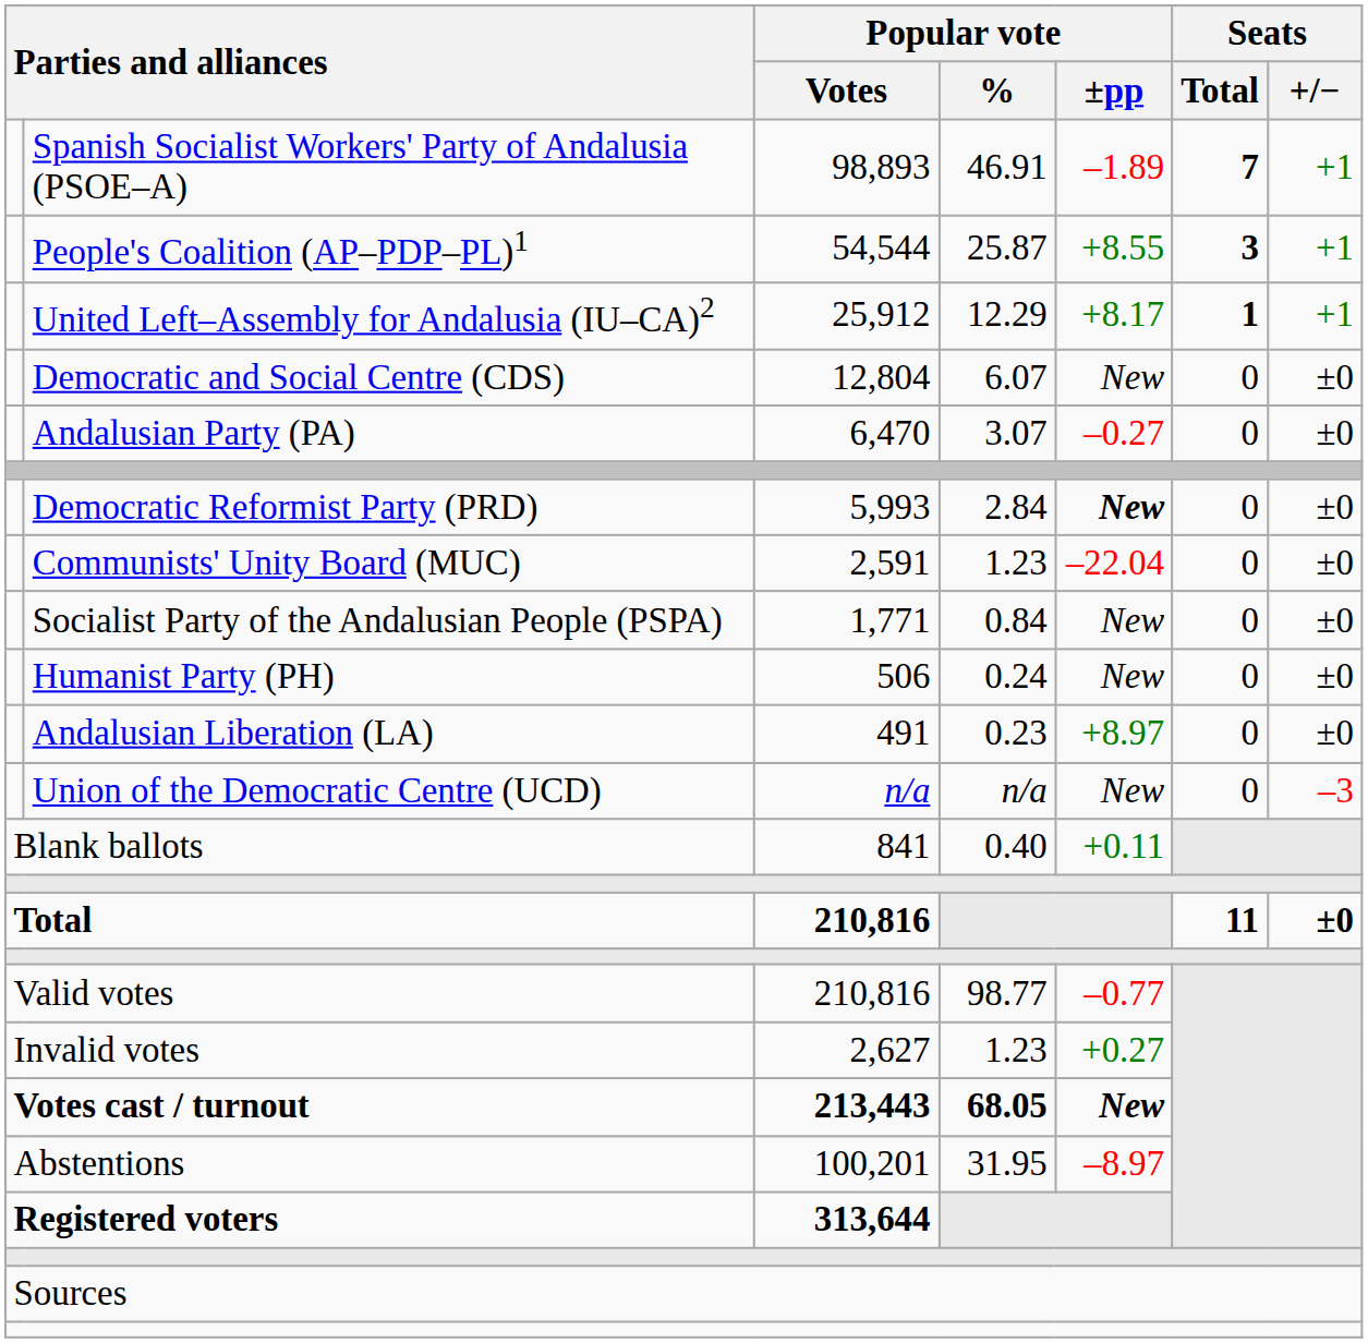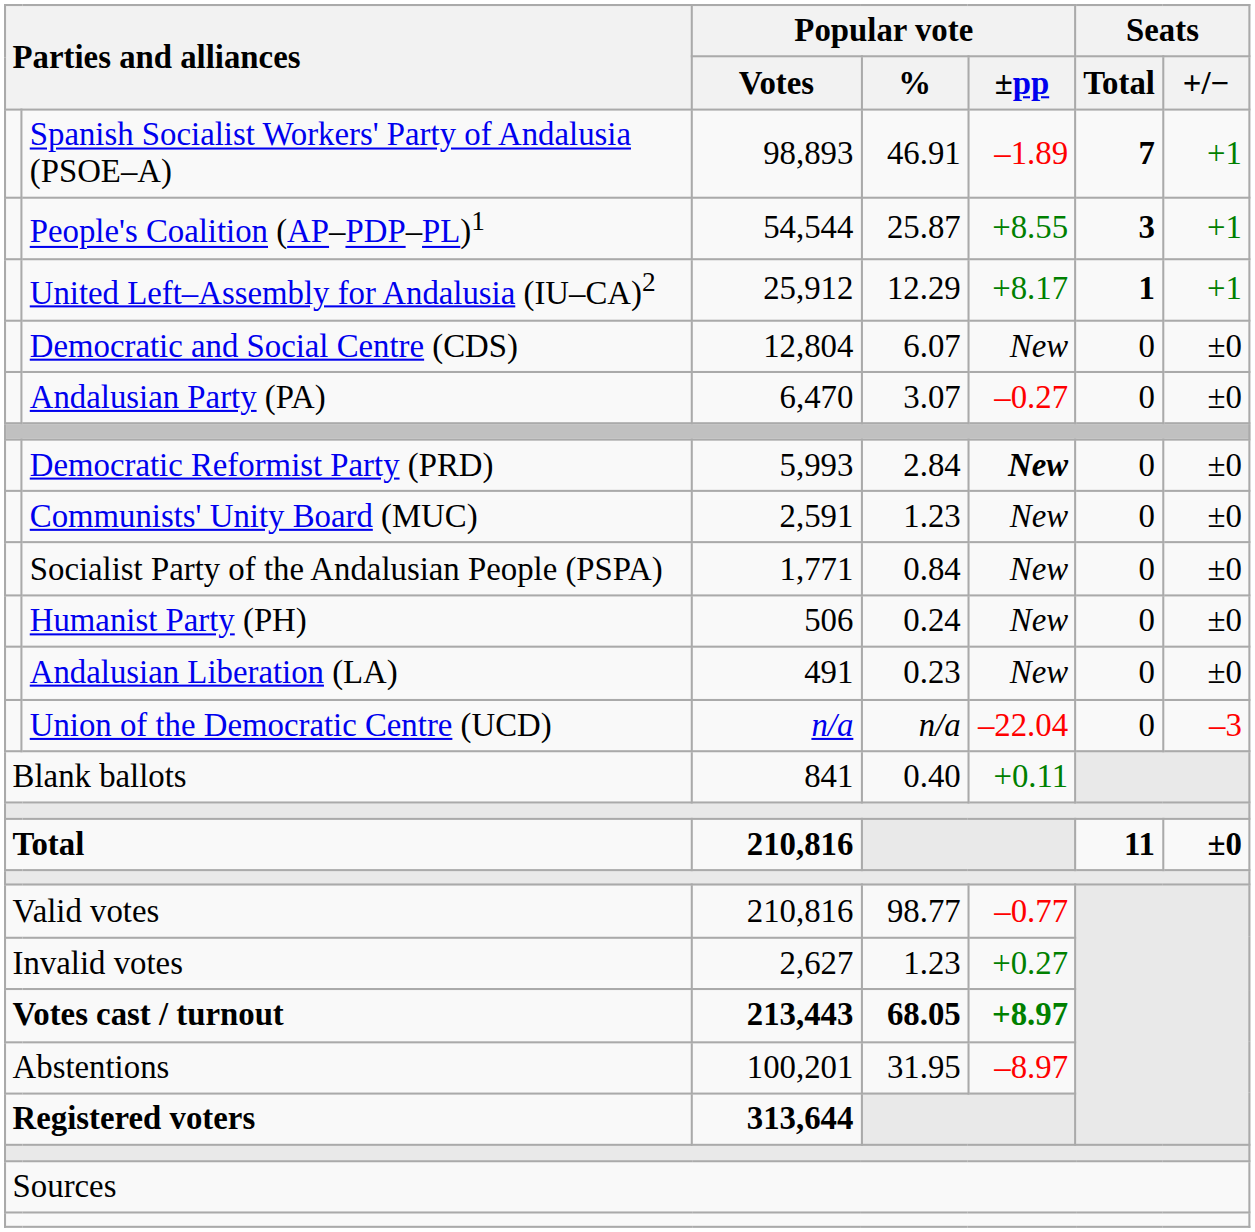 <table class="wikitable" style="text-align:right;">
 <tr>
 <th style="text-align:left;" rowspan="2" colspan="2" width="525">Parties and alliances</th>
 <th colspan="3">Popular vote</th>
 <th colspan="2">Seats</th>
 </tr>
 <tr>
 <th width="75">Votes</th>
 <th width="45">%</th>
 <th width="45">±<a href='#'>pp</a></th>
 <th width="35">Total</th>
 <th width="35">+/−</th>
 </tr>
 <tr>
 <td width="1" style="color:inherit;background:"></td>
 <td align="left"><a href='#'>Spanish Socialist Workers' Party of Andalusia</a> (PSOE–A)</td>
 <td>98,893</td>
 <td>46.91</td>
 <td style="color:red;">–1.89</td>
 <td><strong>7</strong></td>
 <td style="color:green;">+1</td>
 </tr>
 <tr>
 <td style="color:inherit;background:"></td>
 <td align="left"><a href='#'>People's Coalition</a> (<a href='#'>AP</a>–<a href='#'>PDP</a>–<a href='#'>PL</a>)<sup>1</sup></td>
 <td>54,544</td>
 <td>25.87</td>
 <td style="color:green;">+8.55</td>
 <td><strong>3</strong></td>
 <td style="color:green;">+1</td>
 </tr>
 <tr>
 <td style="color:inherit;background:"></td>
 <td align="left"><a href='#'>United Left–Assembly for Andalusia</a> (IU–CA)<sup>2</sup></td>
 <td>25,912</td>
 <td>12.29</td>
 <td style="color:green;">+8.17</td>
 <td><strong>1</strong></td>
 <td style="color:green;">+1</td>
 </tr>
 <tr>
 <td style="color:inherit;background:"></td>
 <td align="left"><a href='#'>Democratic and Social Centre</a> (CDS)</td>
 <td>12,804</td>
 <td>6.07</td>
 <td><em>New</em></td>
 <td>0</td>
 <td>±0</td>
 </tr>
 <tr>
 <td style="color:inherit;background:"></td>
 <td align="left"><a href='#'>Andalusian Party</a> (PA)</td>
 <td>6,470</td>
 <td>3.07</td>
 <td style="color:red;">–0.27</td>
 <td>0</td>
 <td>±0</td>
 </tr>
 <tr>
 <td colspan="7" bgcolor="#C0C0C0"></td>
 </tr>
 <tr>
 <td style="color:inherit;background:"></td>
 <td align="left"><a href='#'>Democratic Reformist Party</a> (PRD)</td>
 <td>5,993</td>
 <td>2.84</td>
 <td><strong><em>New</em></strong></td>
 <td>0</td>
 <td>±0</td>
 </tr>
 <tr>
 <td style="color:inherit;background:"></td>
 <td align="left"><a href='#'>Communists' Unity Board</a> (MUC)</td>
 <td>2,591</td>
 <td>1.23</td>
-<td style="color:red;">–22.04</td>
+<td><em>New</em></td>
 <td>0</td>
 <td>±0</td>
 </tr>
 <tr>
 <td style="color:inherit;background:"></td>
 <td align="left">Socialist Party of the Andalusian People (PSPA)</td>
 <td>1,771</td>
 <td>0.84</td>
 <td><em>New</em></td>
 <td>0</td>
 <td>±0</td>
 </tr>
 <tr>
 <td style="color:inherit;background:"></td>
 <td align="left"><a href='#'>Humanist Party</a> (PH)</td>
 <td>506</td>
 <td>0.24</td>
 <td><em>New</em></td>
 <td>0</td>
 <td>±0</td>
 </tr>
 <tr>
 <td style="color:inherit;background:"></td>
 <td align="left"><a href='#'>Andalusian Liberation</a> (LA)</td>
 <td>491</td>
 <td>0.23</td>
-<td style="color:green;">+8.97</td>
+<td><em>New</em></td>
 <td>0</td>
 <td>±0</td>
 </tr>
 <tr>
 <td style="color:inherit;background:"></td>
 <td align="left"><a href='#'>Union of the Democratic Centre</a> (UCD)</td>
 <td><em><a href='#'>n/a</a></em></td>
 <td><em>n/a</em></td>
-<td><em>New</em></td>
+<td style="color:red;">–22.04</td>
 <td>0</td>
 <td style="color:red;">–3</td>
 </tr>
 <tr>
 <td align="left" colspan="2">Blank ballots</td>
 <td>841</td>
 <td>0.40</td>
 <td style="color:green;">+0.11</td>
 <td bgcolor="#E9E9E9" colspan="2"></td>
 </tr>
 <tr>
 <td colspan="7" bgcolor="#E9E9E9"></td>
 </tr>
 <tr style="font-weight:bold;">
 <td align="left" colspan="2">Total</td>
 <td>210,816</td>
 <td bgcolor="#E9E9E9" colspan="2"></td>
 <td>11</td>
 <td>±0</td>
 </tr>
 <tr>
 <td colspan="7" bgcolor="#E9E9E9"></td>
 </tr>
 <tr>
 <td align="left" colspan="2">Valid votes</td>
 <td>210,816</td>
 <td>98.77</td>
 <td style="color:red;">–0.77</td>
 <td bgcolor="#E9E9E9" colspan="2" rowspan="5"></td>
 </tr>
 <tr>
 <td align="left" colspan="2">Invalid votes</td>
 <td>2,627</td>
 <td>1.23</td>
 <td style="color:green;">+0.27</td>
 </tr>
 <tr style="font-weight:bold;">
 <td align="left" colspan="2">Votes cast / turnout</td>
 <td>213,443</td>
 <td>68.05</td>
-<td><em>New</em></td>
+<td style="color:green;">+8.97</td>
 </tr>
 <tr>
 <td align="left" colspan="2">Abstentions</td>
 <td>100,201</td>
 <td>31.95</td>
 <td style="color:red;">–8.97</td>
 </tr>
 <tr style="font-weight:bold;">
 <td align="left" colspan="2">Registered voters</td>
 <td>313,644</td>
 <td bgcolor="#E9E9E9" colspan="2"></td>
 </tr>
 <tr>
 <td colspan="7" bgcolor="#E9E9E9"></td>
 </tr>
 <tr>
 <td align="left" colspan="7">Sources</td>
 </tr>
 <tr>
 <td colspan="7" style="text-align:left; max-width:790px;"></td>
 </tr>
 </table>
